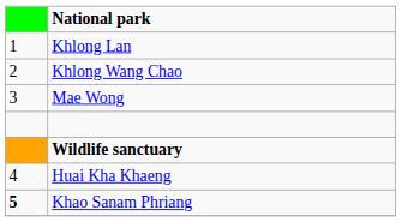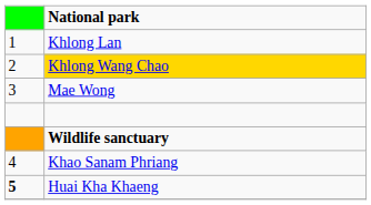 <table class= "wikitable" style= "width:30%; display:inline-table;">
 <tr>
 <td style="width:3%; background:#00FF00;"> </td>
 <td style="width:27%;"><strong>National park</strong></td>
 </tr>
 <tr>
 <td>1</td>
 <td><a href='#'>Khlong Lan</a></td>
 </tr>
 <tr>
 <td>2</td>
-<td><a href='#'>Khlong Wang Chao</a></td>
+<td style="background: gold;"><a href='#'>Khlong Wang Chao</a></td>
 </tr>
 <tr>
 <td>3</td>
 <td><a href='#'>Mae Wong</a></td>
 </tr>
 <tr>
 <td> </td>
 </tr>
 <tr>
 <td style="background:#FFA400;"> </td>
 <td><strong>Wildlife sanctuary</strong></td>
 </tr>
 <tr>
 <td>4</td>
-<td><a href='#'>Huai Kha Khaeng</a></td>
+<td><a href='#'>Khao Sanam Phriang</a></td>
 </tr>
 <tr>
 <td><strong>5</strong></td>
-<td><a href='#'>Khao Sanam Phriang</a></td>
+<td><a href='#'>Huai Kha Khaeng</a></td>
 </tr>
 <tr>
 </tr>
 </table>
